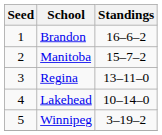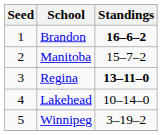 <table class="wikitable">
 <tr>
 <th>Seed</th>
 <th>School</th>
 <th>Standings</th>
 </tr>
 <tr>
 <td align=center>1</td>
 <td><a href='#'>Brandon</a></td>
-<td align=center>16–6–2</td>
+<td align=center><strong>16–6–2</strong></td>
 </tr>
 <tr>
 <td align=center>2</td>
 <td><a href='#'>Manitoba</a></td>
 <td align=center>15–7–2</td>
 </tr>
 <tr>
 <td align=center>3</td>
 <td><a href='#'>Regina</a></td>
-<td align=center>13–11–0</td>
+<td align=center><strong>13–11–0</strong></td>
 </tr>
 <tr>
 <td align=center>4</td>
 <td><a href='#'>Lakehead</a></td>
 <td align=center>10–14–0</td>
 </tr>
 <tr>
 <td align=center>5</td>
 <td><a href='#'>Winnipeg</a></td>
 <td align=center>3–19–2</td>
 </tr>
 <tr>
 </tr>
 </table>
